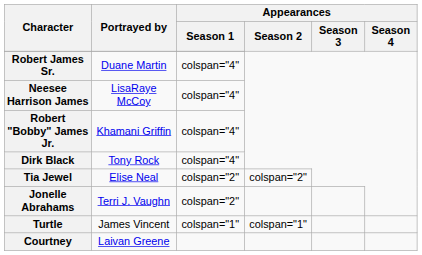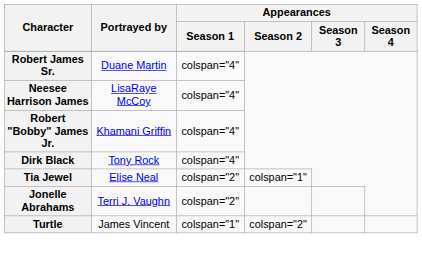 <table class="wikitable" style="text-align:center;">
 <tr>
 <th scope="col" rowspan="2" style="width:300px;">Character</th>
 <th scope="col" rowspan="2" style="width:300px;">Portrayed by</th>
 <th scope="col" colspan="4">Appearances</th>
 </tr>
 <tr>
 <th scope="col" style="width:125px;">Season 1</th>
 <th scope="col" style="width:125px;">Season 2</th>
 <th scope="col" style="width:125px;">Season 3</th>
 <th scope="col" style="width:125px;">Season 4</th>
 </tr>
 <tr>
 </tr>
 <tr>
 <th>Robert James Sr.</th>
 <td><a href='#'>Duane Martin</a></td>
 <td>colspan="4" </td>
 </tr>
 <tr>
 <th>Neesee Harrison James</th>
 <td><a href='#'>LisaRaye McCoy</a></td>
 <td>colspan="4" </td>
 </tr>
 <tr>
 <th>Robert "Bobby" James Jr.</th>
 <td><a href='#'>Khamani Griffin</a></td>
 <td>colspan="4" </td>
 </tr>
 <tr>
 <th>Dirk Black</th>
 <td><a href='#'>Tony Rock</a></td>
 <td>colspan="4" </td>
 </tr>
 <tr>
 <th>Tia Jewel</th>
 <td><a href='#'>Elise Neal</a></td>
 <td>colspan="2" </td>
-<td>colspan="2" </td>
+<td>colspan="1" </td>
 </tr>
 <tr>
 <th>Jonelle Abrahams</th>
 <td><a href='#'>Terri J. Vaughn</a></td>
 <td>colspan="2" </td>
 <td></td>
 <td></td>
 </tr>
 <tr>
 <th>Turtle</th>
 <td>James Vincent</td>
 <td>colspan="1" </td>
-<td>colspan="1" </td>
-<td></td>
-<td></td>
-</tr>
-<tr>
-<th>Courtney</th>
-<td><a href='#'>Laivan Greene</a></td>
-<td></td>
-<td></td>
+<td>colspan="2" </td>
 <td></td>
 <td></td>
 </tr>
 </table>
